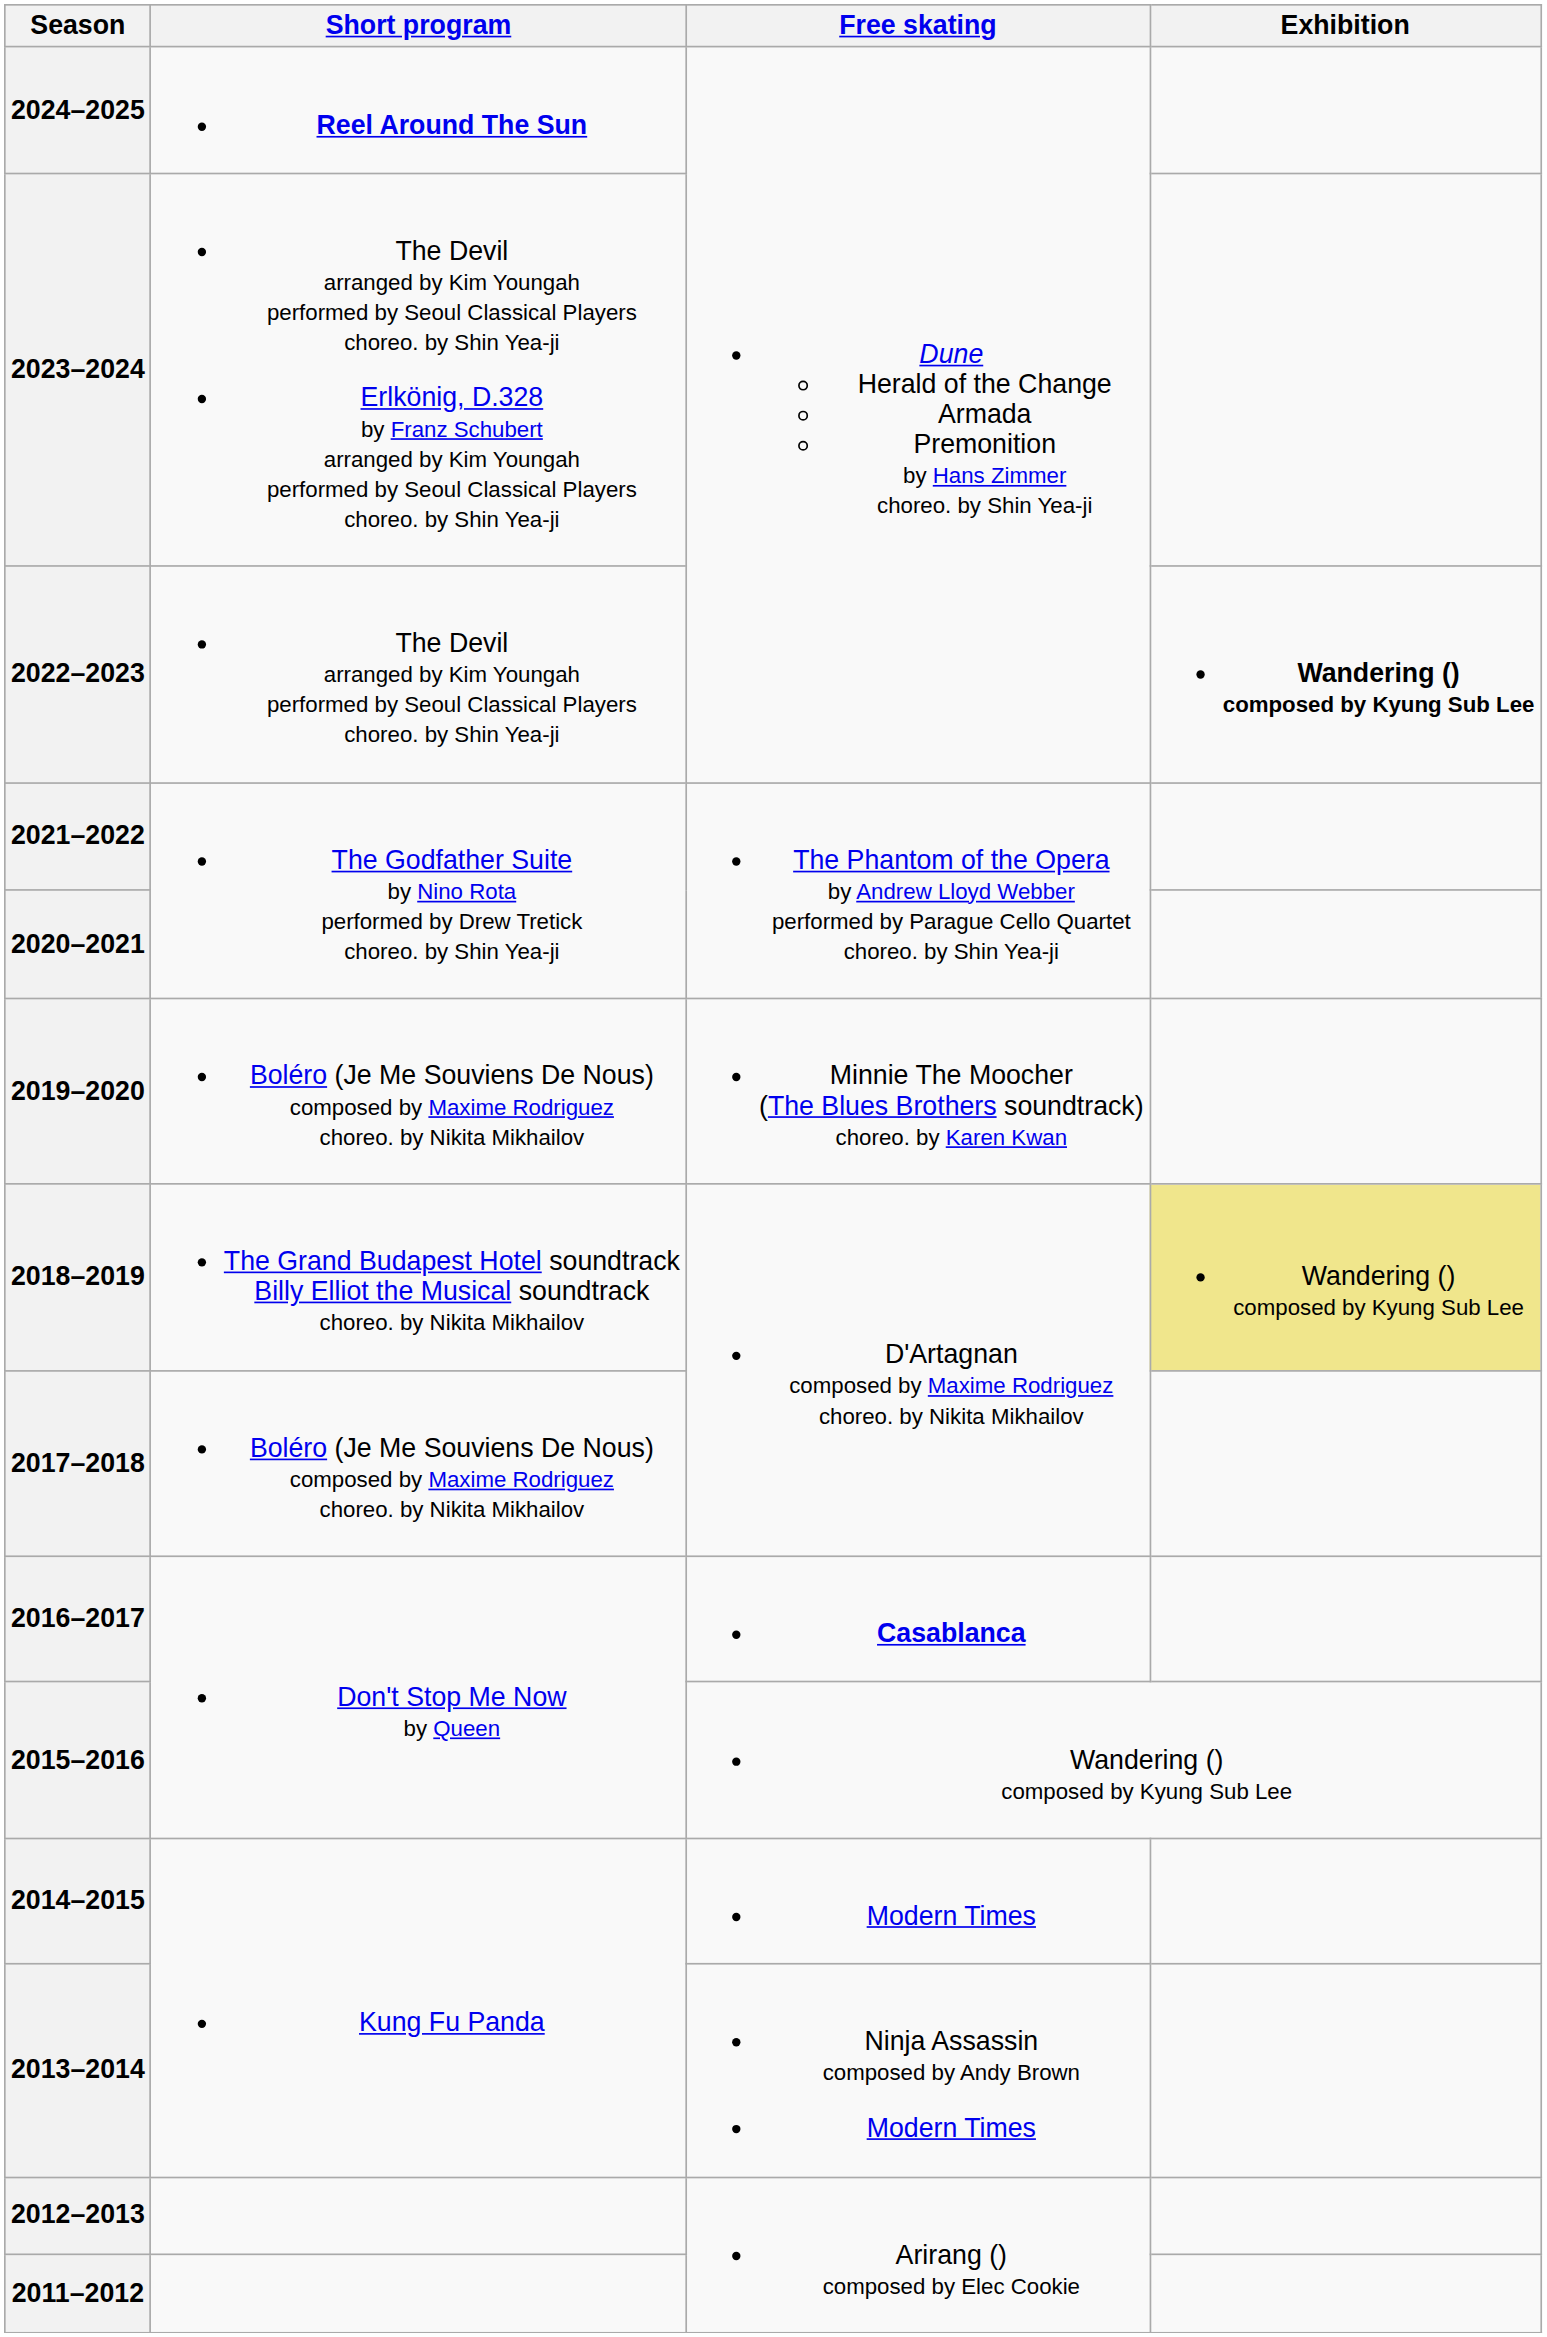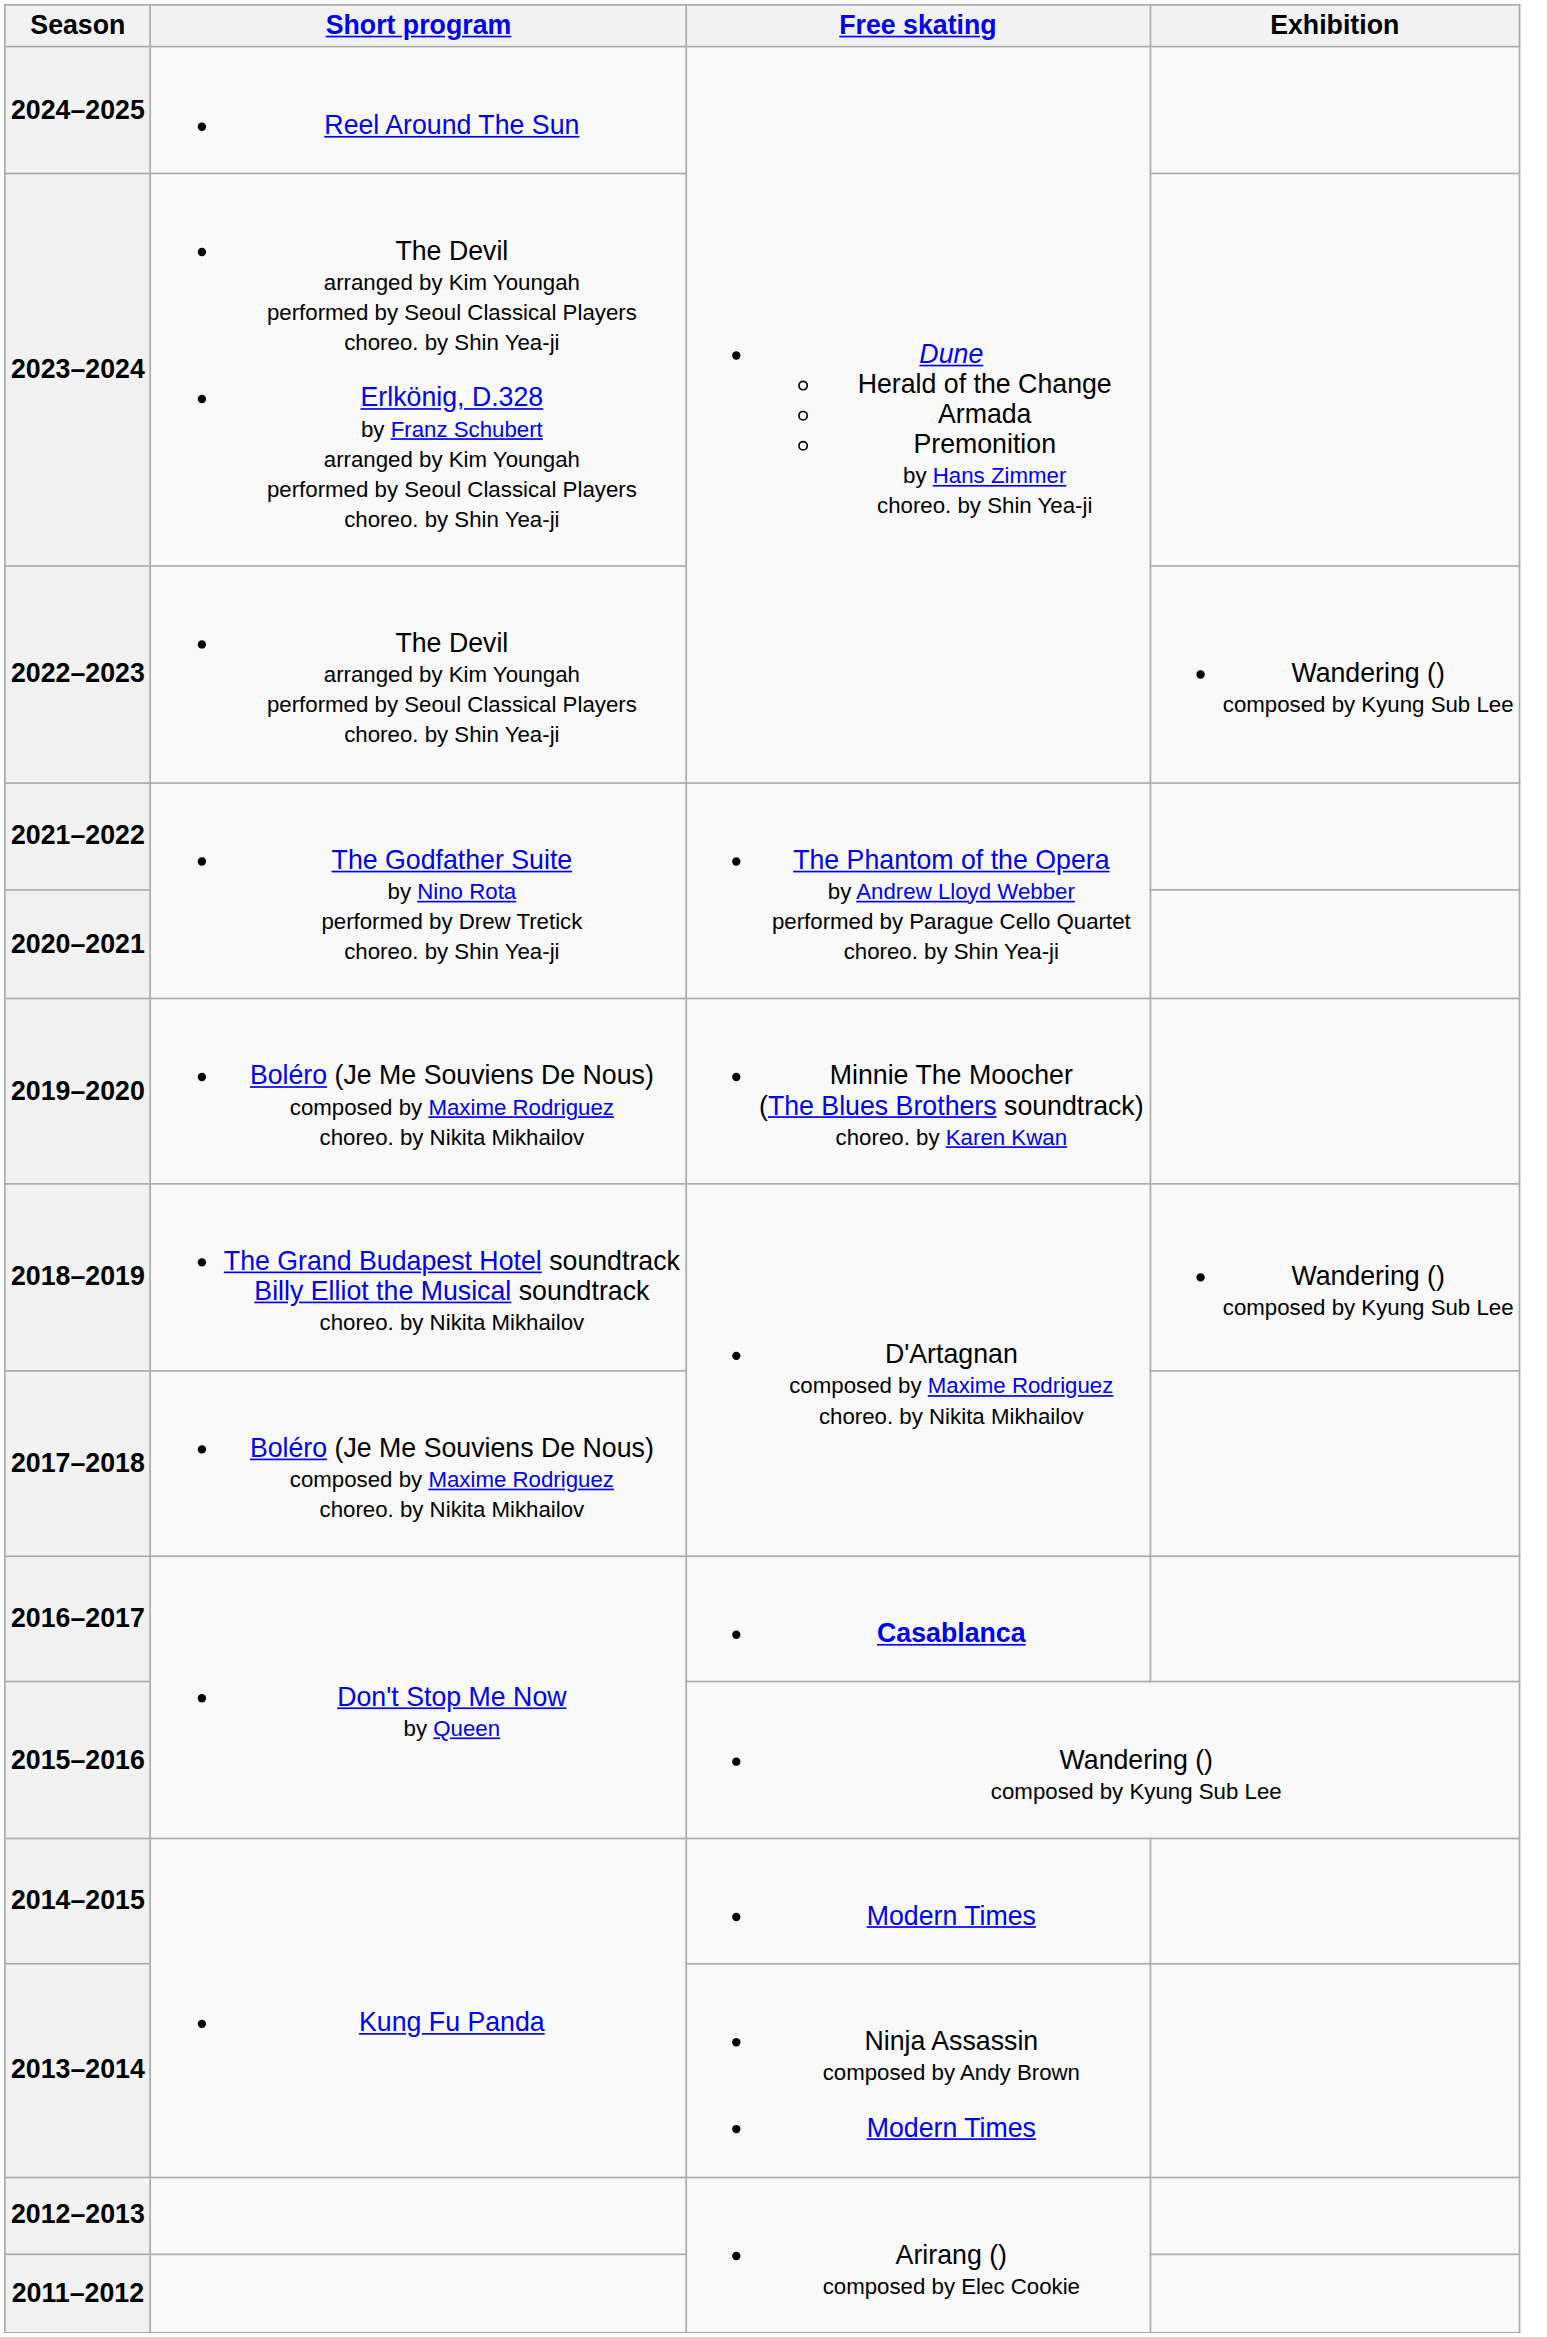 <table class="wikitable" style="text-align:center">
 <tr>
 <th>Season</th>
 <th><a href='#'>Short program</a></th>
 <th><a href='#'>Free skating</a></th>
 <th>Exhibition</th>
 </tr>
 <tr>
 <th>2024–2025 <br> </th>
-<td><strong><br><ul><li><a href='#'>Reel Around The Sun</a> <br></li></ul></strong></td>
+<td><br><ul><li><a href='#'>Reel Around The Sun</a> <br></li></ul></td>
 <td rowspan=3><br><ul><li><em><a href='#'>Dune</a></em><ul><li>Herald of the Change</li><li>Armada</li><li>Premonition <br><small>by <a href='#'>Hans Zimmer</a><br>choreo. by Shin Yea-ji </small></li></ul></li></ul></td>
 <td></td>
 </tr>
 <tr>
 <th>2023–2024 <br> </th>
 <td><br><ul><li>The Devil<br><small>arranged by Kim Youngah<br>performed by Seoul Classical Players<br>choreo. by Shin Yea-ji</small></li></ul><ul><li><a href='#'>Erlkönig, D.328</a> <br><small> by <a href='#'>Franz Schubert</a> <br> arranged by Kim Youngah<br>performed by Seoul Classical Players<br>choreo. by Shin Yea-ji</small></li></ul></td>
 <td></td>
 </tr>
 <tr>
 <th>2022–2023 <br> </th>
 <td><br><ul><li>The Devil<br><small>arranged by Kim Youngah<br>performed by Seoul Classical Players<br>choreo. by Shin Yea-ji</small></li></ul></td>
-<td><strong><br><ul><li>Wandering ()<br><small>composed by Kyung Sub Lee</small></li></ul></strong></td>
+<td><br><ul><li>Wandering ()<br><small>composed by Kyung Sub Lee</small></li></ul></td>
 </tr>
 <tr>
 <th>2021–2022 <br> </th>
 <td rowspan=2><br><ul><li><a href='#'>The Godfather Suite</a><br><small>by <a href='#'>Nino Rota</a><br>performed by Drew Tretick<br>choreo. by Shin Yea-ji</small></li></ul></td>
 <td rowspan= 2><br><ul><li><a href='#'>The Phantom of the Opera</a><br><small>by <a href='#'>Andrew Lloyd Webber</a><br> performed by Parague Cello Quartet<br> choreo. by Shin Yea-ji</small></li></ul></td>
 <td></td>
 </tr>
 <tr>
 <th>2020–2021</th>
 </tr>
 <tr>
 <th>2019–2020<br> </th>
 <td><br><ul><li><a href='#'>Boléro</a> (Je Me Souviens De Nous)<br><small>composed by <a href='#'>Maxime Rodriguez</a><br>choreo. by Nikita Mikhailov</small></li></ul></td>
 <td><br><ul><li>Minnie The Moocher<br>(<a href='#'>The Blues Brothers</a> soundtrack)<br><small>choreo. by <a href='#'>Karen Kwan</a></small></li></ul></td>
 <td></td>
 </tr>
 <tr>
 <th>2018–2019<br> </th>
 <td><br><ul><li><a href='#'>The Grand Budapest Hotel</a> soundtrack<br><a href='#'>Billy Elliot the Musical</a> soundtrack<br><small>choreo. by Nikita Mikhailov</small></li></ul></td>
 <td rowspan=2><br><ul><li>D'Artagnan<br><small>composed by <a href='#'>Maxime Rodriguez</a><br>choreo. by Nikita Mikhailov</small></li></ul></td>
-<td style="background: khaki;"><br><ul><li>Wandering ()<br><small>composed by Kyung Sub Lee</small></li></ul></td>
+<td><br><ul><li>Wandering ()<br><small>composed by Kyung Sub Lee</small></li></ul></td>
 </tr>
 <tr>
 <th>2017–2018<br> </th>
 <td><br><ul><li><a href='#'>Boléro</a> (Je Me Souviens De Nous)<br><small>composed by <a href='#'>Maxime Rodriguez</a><br>choreo. by Nikita Mikhailov</small></li></ul></td>
 <td></td>
 </tr>
 <tr>
 <th>2016–2017</th>
 <td rowspan=2><br><ul><li><a href='#'>Don't Stop Me Now</a><br><small> by <a href='#'>Queen</a></small></li></ul></td>
 <td><strong><br><ul><li><a href='#'>Casablanca</a> <br></li></ul></strong></td>
 <td></td>
 </tr>
 <tr>
 <th>2015–2016</th>
 <td colspan=2><br><ul><li>Wandering ()<br><small>composed by Kyung Sub Lee</small></li></ul></td>
 </tr>
 <tr>
 <th>2014–2015</th>
 <td rowspan=2><br><ul><li><a href='#'>Kung Fu Panda</a> <br> </li></ul></td>
 <td><br><ul><li><a href='#'>Modern Times</a> <br></li></ul></td>
 <td></td>
 </tr>
 <tr>
 <th>2013–2014</th>
 <td><br><ul><li>Ninja Assassin<br><small>composed by Andy Brown</small></li></ul><ul><li><a href='#'>Modern Times</a> <br></li></ul></td>
 <td></td>
 </tr>
 <tr>
 <th>2012–2013</th>
 <td></td>
 <td rowspan=2><br><ul><li>Arirang ()<br><small>composed by Elec Cookie</small></li></ul></td>
 <td></td>
 </tr>
 <tr>
 <th>2011–2012</th>
 <td></td>
 <td></td>
 </tr>
 <tr>
 </tr>
 </table>
